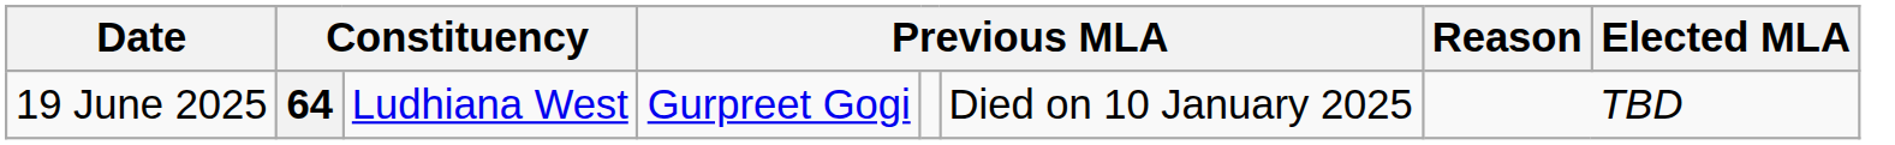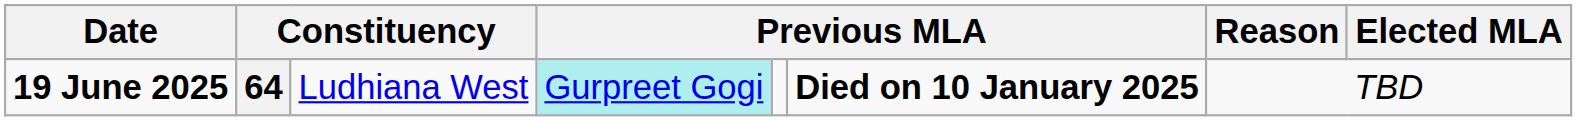 <table class="wikitable sortable" style="text-align:center;">
 <tr>
 <th>Date</th>
 <th colspan="2">Constituency</th>
 <th colspan="3">Previous MLA</th>
 <th>Reason</th>
 <th colspan="3">Elected MLA</th>
 </tr>
 <tr>
-<td>19 June 2025</td>
+<td><strong>19 June 2025</strong></td>
 <th>64</th>
 <td><a href='#'>Ludhiana West</a></td>
-<td><a href='#'>Gurpreet Gogi</a></td>
+<td style="background: paleturquoise;"><a href='#'>Gurpreet Gogi</a></td>
 <td></td>
-<td>Died on 10 January 2025</td>
+<td><strong>Died on 10 January 2025</strong></td>
 <td colspan=3><em>TBD</em></td>
 </tr>
 </table>
